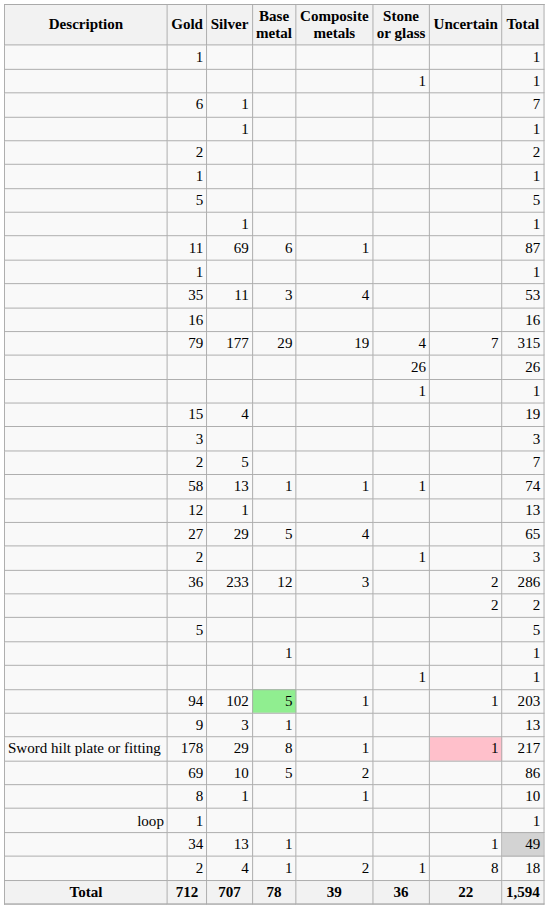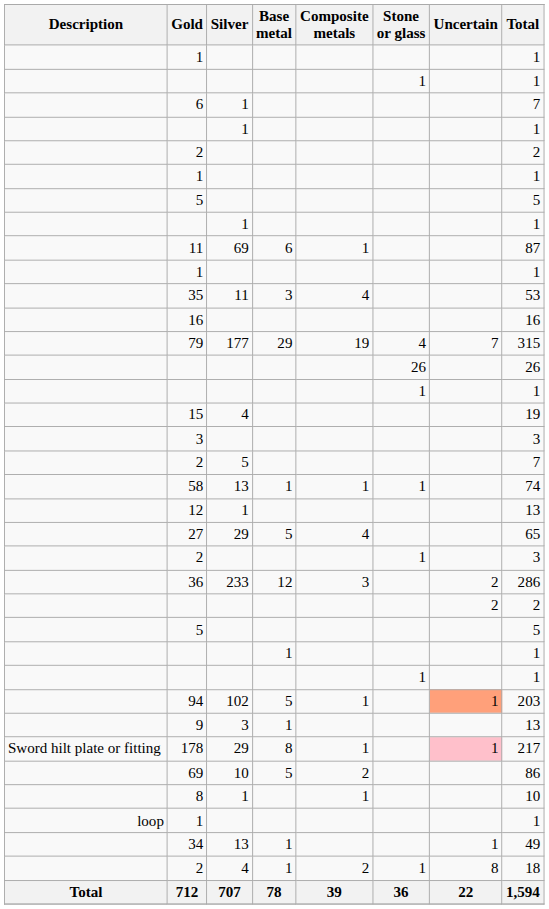 <table class="wikitable sortable" style="width:65%;text-align:right;">
 <tr>
 </tr>
 <tr style="text-align:center;">
 <th>Description</th>
 <th>Gold</th>
 <th>Silver</th>
 <th>Base <br>metal</th>
 <th>Composite <br>metals</th>
 <th>Stone <br>or glass</th>
 <th>Uncertain</th>
 <th>Total</th>
 </tr>
 <tr>
 <td></td>
 <td>1</td>
 <td></td>
 <td></td>
 <td></td>
 <td></td>
 <td></td>
 <td>1</td>
 </tr>
 <tr>
 <td></td>
 <td></td>
 <td></td>
 <td></td>
 <td></td>
 <td>1</td>
 <td></td>
 <td>1</td>
 </tr>
 <tr>
 <td></td>
 <td>6</td>
 <td>1</td>
 <td></td>
 <td></td>
 <td></td>
 <td></td>
 <td>7</td>
 </tr>
 <tr>
 <td></td>
 <td></td>
 <td>1</td>
 <td></td>
 <td></td>
 <td></td>
 <td></td>
 <td>1</td>
 </tr>
 <tr>
 <td></td>
 <td>2</td>
 <td></td>
 <td></td>
 <td></td>
 <td></td>
 <td></td>
 <td>2</td>
 </tr>
 <tr>
 <td></td>
 <td>1</td>
 <td></td>
 <td></td>
 <td></td>
 <td></td>
 <td></td>
 <td>1</td>
 </tr>
 <tr>
 <td></td>
 <td>5</td>
 <td></td>
 <td></td>
 <td></td>
 <td></td>
 <td></td>
 <td>5</td>
 </tr>
 <tr>
 <td></td>
 <td></td>
 <td>1</td>
 <td></td>
 <td></td>
 <td></td>
 <td></td>
 <td>1</td>
 </tr>
 <tr>
 <td></td>
 <td>11</td>
 <td>69</td>
 <td>6</td>
 <td>1</td>
 <td></td>
 <td></td>
 <td>87</td>
 </tr>
 <tr>
 <td></td>
 <td>1</td>
 <td></td>
 <td></td>
 <td></td>
 <td></td>
 <td></td>
 <td>1</td>
 </tr>
 <tr>
 <td></td>
 <td>35</td>
 <td>11</td>
 <td>3</td>
 <td>4</td>
 <td></td>
 <td></td>
 <td>53</td>
 </tr>
 <tr>
 <td></td>
 <td>16</td>
 <td></td>
 <td></td>
 <td></td>
 <td></td>
 <td></td>
 <td>16</td>
 </tr>
 <tr>
 <td></td>
 <td>79</td>
 <td>177</td>
 <td>29</td>
 <td>19</td>
 <td>4</td>
 <td>7</td>
 <td>315</td>
 </tr>
 <tr>
 <td></td>
 <td></td>
 <td></td>
 <td></td>
 <td></td>
 <td>26</td>
 <td></td>
 <td>26</td>
 </tr>
 <tr>
 <td></td>
 <td></td>
 <td></td>
 <td></td>
 <td></td>
 <td>1</td>
 <td></td>
 <td>1</td>
 </tr>
 <tr>
 <td></td>
 <td>15</td>
 <td>4</td>
 <td></td>
 <td></td>
 <td></td>
 <td></td>
 <td>19</td>
 </tr>
 <tr>
 <td></td>
 <td>3</td>
 <td></td>
 <td></td>
 <td></td>
 <td></td>
 <td></td>
 <td>3</td>
 </tr>
 <tr>
 <td></td>
 <td>2</td>
 <td>5</td>
 <td></td>
 <td></td>
 <td></td>
 <td></td>
 <td>7</td>
 </tr>
 <tr>
 <td></td>
 <td>58</td>
 <td>13</td>
 <td>1</td>
 <td>1</td>
 <td>1</td>
 <td></td>
 <td>74</td>
 </tr>
 <tr>
 <td></td>
 <td>12</td>
 <td>1</td>
 <td></td>
 <td></td>
 <td></td>
 <td></td>
 <td>13</td>
 </tr>
 <tr>
 <td></td>
 <td>27</td>
 <td>29</td>
 <td>5</td>
 <td>4</td>
 <td></td>
 <td></td>
 <td>65</td>
 </tr>
 <tr>
 <td></td>
 <td>2</td>
 <td></td>
 <td></td>
 <td></td>
 <td>1</td>
 <td></td>
 <td>3</td>
 </tr>
 <tr>
 <td></td>
 <td>36</td>
 <td>233</td>
 <td>12</td>
 <td>3</td>
 <td></td>
 <td>2</td>
 <td>286</td>
 </tr>
 <tr>
 <td></td>
 <td></td>
 <td></td>
 <td></td>
 <td></td>
 <td></td>
 <td>2</td>
 <td>2</td>
 </tr>
 <tr>
 <td></td>
 <td>5</td>
 <td></td>
 <td></td>
 <td></td>
 <td></td>
 <td></td>
 <td>5</td>
 </tr>
 <tr>
 <td></td>
 <td></td>
 <td></td>
 <td>1</td>
 <td></td>
 <td></td>
 <td></td>
 <td>1</td>
 </tr>
 <tr>
 <td></td>
 <td></td>
 <td></td>
 <td></td>
 <td></td>
 <td>1</td>
 <td></td>
 <td>1</td>
 </tr>
 <tr>
 <td></td>
 <td>94</td>
 <td>102</td>
-<td style="background: lightgreen;">5</td>
+<td>5</td>
 <td>1</td>
 <td></td>
-<td>1</td>
+<td style="background: lightsalmon;">1</td>
 <td>203</td>
 </tr>
 <tr>
 <td></td>
 <td>9</td>
 <td>3</td>
 <td>1</td>
 <td></td>
 <td></td>
 <td></td>
 <td>13</td>
 </tr>
 <tr>
 <td style="text-align:left">Sword hilt plate or fitting</td>
 <td>178</td>
 <td>29</td>
 <td>8</td>
 <td>1</td>
 <td></td>
 <td style="background: pink;">1</td>
 <td>217</td>
 </tr>
 <tr>
 <td></td>
 <td>69</td>
 <td>10</td>
 <td>5</td>
 <td>2</td>
 <td></td>
 <td></td>
 <td>86</td>
 </tr>
 <tr>
 <td></td>
 <td>8</td>
 <td>1</td>
 <td></td>
 <td>1</td>
 <td></td>
 <td></td>
 <td>10</td>
 </tr>
 <tr>
 <td> loop</td>
 <td>1</td>
 <td></td>
 <td></td>
 <td></td>
 <td></td>
 <td></td>
 <td>1</td>
 </tr>
 <tr>
 <td></td>
 <td>34</td>
 <td>13</td>
 <td>1</td>
 <td></td>
 <td></td>
 <td>1</td>
-<td style="background: lightgrey;">49</td>
+<td>49</td>
 </tr>
 <tr>
 <td></td>
 <td>2</td>
 <td>4</td>
 <td>1</td>
 <td>2</td>
 <td>1</td>
 <td>8</td>
 <td>18</td>
 </tr>
 <tr class="sortbottom">
 <th>Total</th>
 <th>712</th>
 <th>707</th>
 <th>78</th>
 <th>39</th>
 <th>36</th>
 <th>22</th>
 <th>1,594</th>
 </tr>
 <tr>
 </tr>
 </table>
